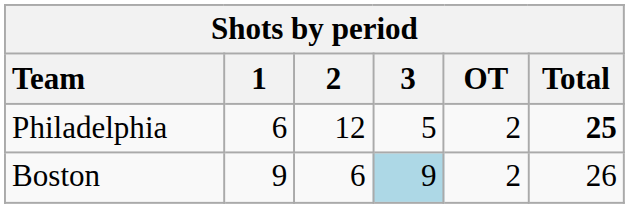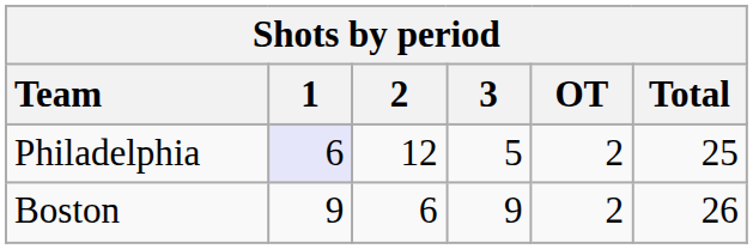 <table class="wikitable" style="width:20em; text-align:right;">
 <tr>
 <th colspan=6>Shots by period</th>
 </tr>
 <tr>
 <th style="width:8em; text-align:left;">Team</th>
 <th style="width:3em;">1</th>
 <th style="width:3em;">2</th>
 <th style="width:3em;">3</th>
 <th style="width:3em;">OT</th>
 <th style="width:3em;">Total</th>
 </tr>
 <tr>
 <td style="text-align:left;">Philadelphia</td>
-<td>6</td>
+<td style="background: lavender;">6</td>
 <td>12</td>
 <td>5</td>
 <td>2</td>
-<td><strong>25</strong></td>
+<td>25</td>
 </tr>
 <tr>
 <td style="text-align:left;">Boston</td>
 <td>9</td>
 <td>6</td>
-<td style="background: lightblue;">9</td>
+<td>9</td>
 <td>2</td>
 <td>26</td>
 </tr>
 </table>
